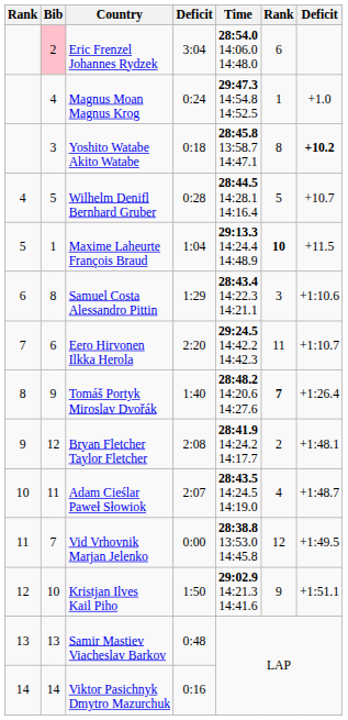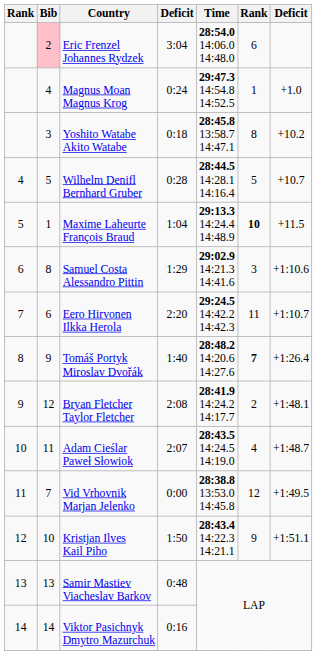 <table class="wikitable sortable" style="text-align:center">
 <tr>
 <th>Rank</th>
 <th>Bib</th>
 <th>Country</th>
 <th>Deficit</th>
 <th>Time</th>
 <th>Rank</th>
 <th>Deficit</th>
 </tr>
 <tr>
 <td></td>
 <td style="background: pink;">2</td>
 <td align=left><br><a href='#'>Eric Frenzel</a><br><a href='#'>Johannes Rydzek</a></td>
 <td>3:04</td>
 <td><strong>28:54.0</strong><br>14:06.0<br>14:48.0</td>
 <td>6</td>
 <td></td>
 </tr>
 <tr>
 <td></td>
 <td>4</td>
 <td align=left> <br><a href='#'>Magnus Moan</a><br><a href='#'>Magnus Krog</a></td>
 <td>0:24</td>
 <td><strong>29:47.3</strong><br>14:54.8<br>14:52.5</td>
 <td>1</td>
 <td>+1.0</td>
 </tr>
 <tr>
 <td></td>
 <td>3</td>
 <td align=left><br><a href='#'>Yoshito Watabe</a><br><a href='#'>Akito Watabe</a></td>
 <td>0:18</td>
 <td><strong>28:45.8</strong><br>13:58.7<br>14:47.1</td>
 <td>8</td>
-<td><strong>+10.2</strong></td>
+<td>+10.2</td>
 </tr>
 <tr>
 <td>4</td>
 <td>5</td>
 <td align=left><br><a href='#'>Wilhelm Denifl</a><br><a href='#'>Bernhard Gruber</a></td>
 <td>0:28</td>
 <td><strong>28:44.5</strong><br>14:28.1<br>14:16.4</td>
 <td>5</td>
 <td>+10.7</td>
 </tr>
 <tr>
 <td>5</td>
 <td>1</td>
 <td align=left><br><a href='#'>Maxime Laheurte</a><br><a href='#'>François Braud</a></td>
 <td>1:04</td>
 <td><strong>29:13.3</strong><br>14:24.4<br>14:48.9</td>
 <td><strong>10</strong></td>
 <td>+11.5</td>
 </tr>
 <tr>
 <td>6</td>
 <td>8</td>
 <td align=left><br><a href='#'>Samuel Costa</a> <br><a href='#'>Alessandro Pittin</a></td>
 <td>1:29</td>
-<td><strong>28:43.4</strong><br>14:22.3<br>14:21.1</td>
+<td><strong>29:02.9</strong><br>14:21.3<br>14:41.6</td>
 <td>3</td>
 <td>+1:10.6</td>
 </tr>
 <tr>
 <td>7</td>
 <td>6</td>
 <td align=left><br><a href='#'>Eero Hirvonen</a><br><a href='#'>Ilkka Herola</a></td>
 <td>2:20</td>
 <td><strong>29:24.5</strong><br>14:42.2<br>14:42.3</td>
 <td>11</td>
 <td>+1:10.7</td>
 </tr>
 <tr>
 <td>8</td>
 <td>9</td>
 <td align=left><br><a href='#'>Tomáš Portyk</a><br><a href='#'>Miroslav Dvořák</a></td>
 <td>1:40</td>
 <td><strong>28:48.2</strong><br>14:20.6<br>14:27.6</td>
 <td><strong>7</strong></td>
 <td>+1:26.4</td>
 </tr>
 <tr>
 <td>9</td>
 <td>12</td>
 <td align=left><br><a href='#'>Bryan Fletcher</a><br><a href='#'>Taylor Fletcher</a></td>
 <td>2:08</td>
 <td><strong>28:41.9</strong><br>14:24.2<br>14:17.7</td>
 <td>2</td>
 <td>+1:48.1</td>
 </tr>
 <tr>
 <td>10</td>
 <td>11</td>
 <td align=left><br><a href='#'>Adam Cieślar</a><br><a href='#'>Paweł Słowiok</a></td>
 <td>2:07</td>
 <td><strong>28:43.5</strong><br>14:24.5<br>14:19.0</td>
 <td>4</td>
 <td>+1:48.7</td>
 </tr>
 <tr>
 <td>11</td>
 <td>7</td>
 <td align=left><br><a href='#'>Vid Vrhovnik</a><br><a href='#'>Marjan Jelenko</a></td>
 <td>0:00</td>
 <td><strong>28:38.8</strong><br>13:53.0<br>14:45.8</td>
 <td>12</td>
 <td>+1:49.5</td>
 </tr>
 <tr>
 <td>12</td>
 <td>10</td>
 <td align=left><br><a href='#'>Kristjan Ilves</a><br><a href='#'>Kail Piho</a></td>
 <td>1:50</td>
-<td><strong>29:02.9</strong><br>14:21.3<br>14:41.6</td>
+<td><strong>28:43.4</strong><br>14:22.3<br>14:21.1</td>
 <td>9</td>
 <td>+1:51.1</td>
 </tr>
 <tr>
 <td>13</td>
 <td>13</td>
 <td align=left><br><a href='#'>Samir Mastiev</a><br><a href='#'>Viacheslav Barkov</a></td>
 <td>0:48</td>
 <td rowspan=2 colspan=3>LAP</td>
 </tr>
 <tr>
 <td>14</td>
 <td>14</td>
 <td align=left><br><a href='#'>Viktor Pasichnyk</a><br><a href='#'>Dmytro Mazurchuk</a></td>
 <td>0:16</td>
 </tr>
 </table>
